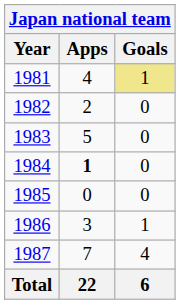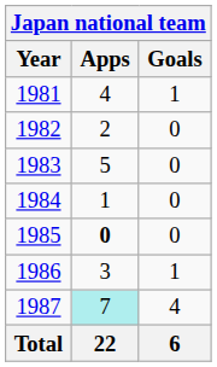 <table class="wikitable" style="text-align:center">
 <tr>
 <th colspan=3><a href='#'>Japan national team</a></th>
 </tr>
 <tr>
 <th>Year</th>
 <th>Apps</th>
 <th>Goals</th>
 </tr>
 <tr>
 <td><a href='#'>1981</a></td>
 <td>4</td>
-<td style="background: khaki;">1</td>
+<td>1</td>
 </tr>
 <tr>
 <td><a href='#'>1982</a></td>
 <td>2</td>
 <td>0</td>
 </tr>
 <tr>
 <td><a href='#'>1983</a></td>
 <td>5</td>
 <td>0</td>
 </tr>
 <tr>
 <td><a href='#'>1984</a></td>
-<td><strong>1</strong></td>
+<td>1</td>
 <td>0</td>
 </tr>
 <tr>
 <td><a href='#'>1985</a></td>
-<td>0</td>
+<td><strong>0</strong></td>
 <td>0</td>
 </tr>
 <tr>
 <td><a href='#'>1986</a></td>
 <td>3</td>
 <td>1</td>
 </tr>
 <tr>
 <td><a href='#'>1987</a></td>
-<td>7</td>
+<td style="background: paleturquoise;">7</td>
 <td>4</td>
 </tr>
 <tr>
 <th>Total</th>
 <th>22</th>
 <th>6</th>
 </tr>
 </table>
